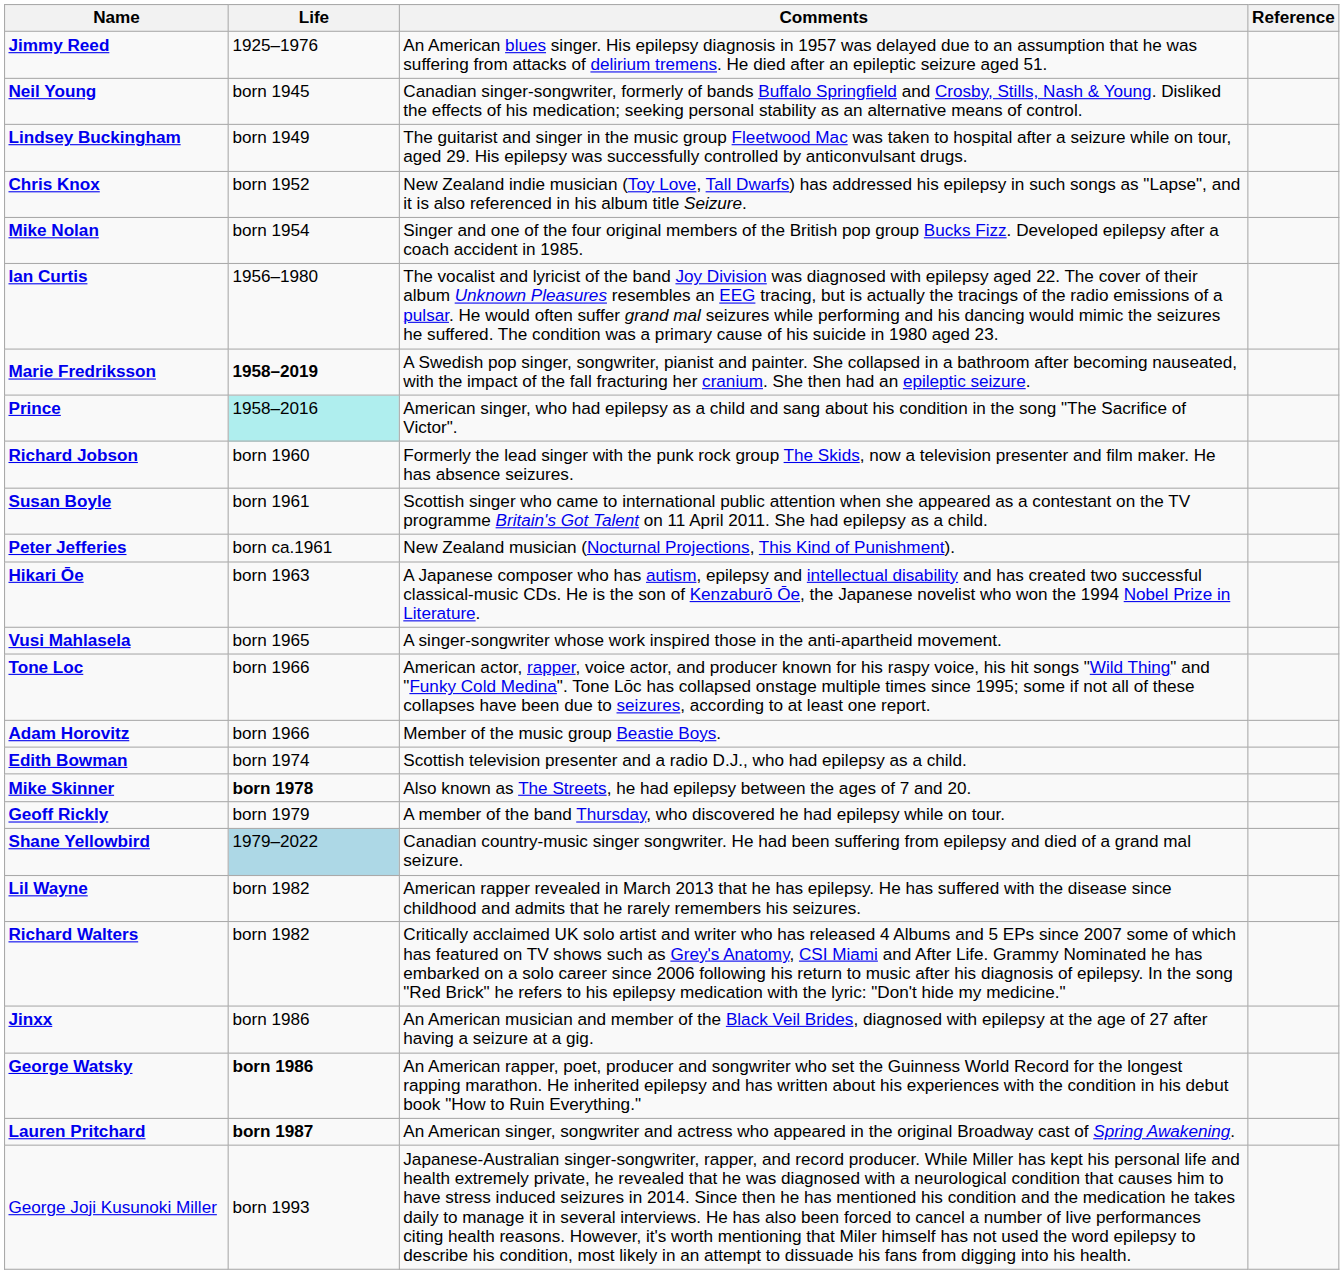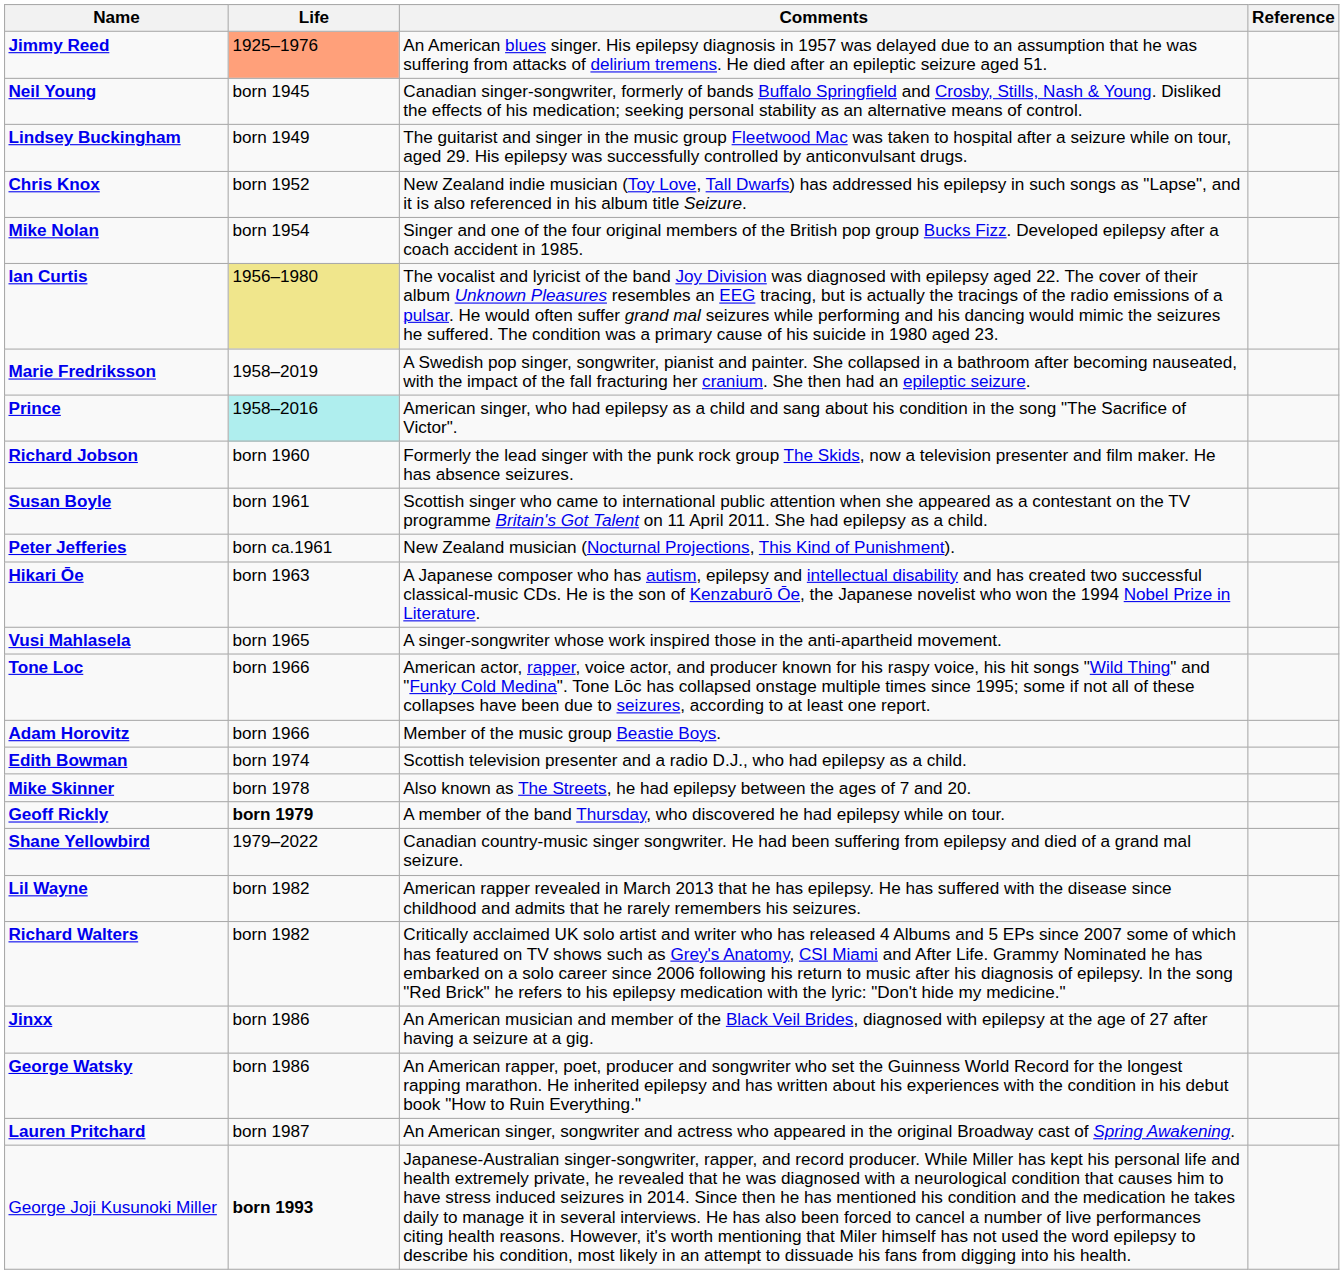 <table class=wikitable>
 <tr>
 <th style="width:17%;">Name</th>
 <th style="width:13%;">Life</th>
 <th style="width:65%;">Comments</th>
 <th style="width:5%;">Reference</th>
 </tr>
 <tr valign="top">
 <td><strong><a href='#'>Jimmy Reed</a></strong></td>
-<td>1925–1976</td>
+<td style="background: lightsalmon;">1925–1976</td>
 <td>An American <a href='#'>blues</a> singer. His epilepsy diagnosis in 1957 was delayed due to an assumption that he was suffering from attacks of <a href='#'>delirium tremens</a>. He died after an epileptic seizure aged 51.</td>
 <td></td>
 </tr>
 <tr valign="top">
 <td><strong><a href='#'>Neil Young</a></strong></td>
 <td>born 1945</td>
 <td>Canadian singer-songwriter, formerly of bands <a href='#'>Buffalo Springfield</a> and <a href='#'>Crosby, Stills, Nash & Young</a>. Disliked the effects of his medication; seeking personal stability as an alternative means of control.</td>
 <td></td>
 </tr>
 <tr valign="top">
 <td><strong><a href='#'>Lindsey Buckingham</a></strong></td>
 <td>born 1949</td>
 <td>The guitarist and singer in the music group <a href='#'>Fleetwood Mac</a> was taken to hospital after a seizure while on tour, aged 29. His epilepsy was successfully controlled by anticonvulsant drugs.</td>
 <td></td>
 </tr>
 <tr valign="top">
 <td><strong><a href='#'>Chris Knox</a></strong></td>
 <td>born 1952</td>
 <td>New Zealand indie musician (<a href='#'>Toy Love</a>, <a href='#'>Tall Dwarfs</a>) has addressed his epilepsy in such songs as "Lapse", and it is also referenced in his album title <em>Seizure</em>.</td>
 <td></td>
 </tr>
 <tr valign="top">
 <td><strong><a href='#'>Mike Nolan</a></strong></td>
 <td>born 1954</td>
 <td>Singer and one of the four original members of the British pop group <a href='#'>Bucks Fizz</a>. Developed epilepsy after a coach accident in 1985.</td>
 <td></td>
 </tr>
 <tr valign="top">
 <td><strong><a href='#'>Ian Curtis</a></strong></td>
-<td>1956–1980</td>
+<td style="background: khaki;">1956–1980</td>
 <td>The vocalist and lyricist of the band <a href='#'>Joy Division</a> was diagnosed with epilepsy aged 22. The cover of their album <em><a href='#'>Unknown Pleasures</a></em> resembles an <a href='#'>EEG</a> tracing, but is actually the tracings of the radio emissions of a <a href='#'>pulsar</a>. He would often suffer <em>grand mal</em> seizures while performing and his dancing would mimic the seizures he suffered. The condition was a primary cause of his suicide in 1980 aged 23.</td>
 <td></td>
 </tr>
 <tr>
 <td><strong><a href='#'>Marie Fredriksson</a></strong></td>
-<td><strong>1958–2019</strong></td>
+<td>1958–2019</td>
 <td>A Swedish pop singer, songwriter, pianist and painter. She collapsed in a bathroom after becoming nauseated, with the impact of the fall fracturing her <a href='#'>cranium</a>. She then had an <a href='#'>epileptic seizure</a>.</td>
 <td></td>
 </tr>
 <tr valign="top">
 <td><strong><a href='#'>Prince</a></strong></td>
 <td style="background: paleturquoise;">1958–2016</td>
 <td>American singer, who had epilepsy as a child and sang about his condition in the song "The Sacrifice of Victor".</td>
 <td></td>
 </tr>
 <tr valign="top">
 <td><strong><a href='#'>Richard Jobson</a></strong></td>
 <td>born 1960</td>
 <td>Formerly the lead singer with the punk rock group <a href='#'>The Skids</a>, now a television presenter and film maker. He has absence seizures.</td>
 <td></td>
 </tr>
 <tr valign="top">
 <td><strong><a href='#'>Susan Boyle</a></strong></td>
 <td>born 1961</td>
 <td>Scottish singer who came to international public attention when she appeared as a contestant on the TV programme <em><a href='#'>Britain's Got Talent</a></em> on 11 April 2011. She had epilepsy as a child.</td>
 <td></td>
 </tr>
 <tr valign="top">
 <td><strong><a href='#'>Peter Jefferies</a></strong></td>
 <td>born ca.1961</td>
 <td>New Zealand musician (<a href='#'>Nocturnal Projections</a>, <a href='#'>This Kind of Punishment</a>).</td>
 <td></td>
 </tr>
 <tr valign="top">
 <td><strong><a href='#'>Hikari Ōe</a></strong></td>
 <td>born 1963</td>
 <td>A Japanese composer who has <a href='#'>autism</a>, epilepsy and <a href='#'>intellectual disability</a> and has created two successful classical-music CDs. He is the son of <a href='#'>Kenzaburō Ōe</a>, the Japanese novelist who won the 1994 <a href='#'>Nobel Prize in Literature</a>.</td>
 <td></td>
 </tr>
 <tr valign="top">
 <td><strong><a href='#'>Vusi Mahlasela</a></strong></td>
 <td>born 1965</td>
 <td>A singer-songwriter whose work inspired those in the anti-apartheid movement.</td>
 <td></td>
 </tr>
 <tr valign="top">
 <td><strong><a href='#'>Tone Loc</a></strong></td>
 <td>born 1966</td>
 <td>American actor, <a href='#'>rapper</a>, voice actor, and producer known for his raspy voice, his hit songs "<a href='#'>Wild Thing</a>" and "<a href='#'>Funky Cold Medina</a>". Tone Lōc has collapsed onstage multiple times since 1995; some if not all of these collapses have been due to <a href='#'>seizures</a>, according to at least one report.</td>
 <td></td>
 </tr>
 <tr valign="top">
 <td><strong><a href='#'>Adam Horovitz</a></strong></td>
 <td>born 1966</td>
 <td>Member of the music group <a href='#'>Beastie Boys</a>.</td>
 <td></td>
 </tr>
 <tr valign="top">
 <td><strong><a href='#'>Edith Bowman</a></strong></td>
 <td>born 1974</td>
 <td>Scottish television presenter and a radio D.J., who had epilepsy as a child.</td>
 </tr>
 <tr valign="top">
 <td><strong><a href='#'>Mike Skinner</a></strong></td>
-<td><strong>born 1978</strong></td>
+<td>born 1978</td>
 <td>Also known as <a href='#'>The Streets</a>, he had epilepsy between the ages of 7 and 20.</td>
 <td></td>
 </tr>
 <tr valign="top">
 <td><strong><a href='#'>Geoff Rickly</a></strong></td>
-<td>born 1979</td>
+<td><strong>born 1979</strong></td>
 <td>A member of the band <a href='#'>Thursday</a>, who discovered he had epilepsy while on tour.</td>
 <td></td>
 </tr>
 <tr valign="top">
 <td><strong><a href='#'>Shane Yellowbird</a></strong></td>
-<td style="background: lightblue;">1979–2022</td>
+<td>1979–2022</td>
 <td>Canadian country-music singer songwriter. He had been suffering from epilepsy and died of a grand mal seizure.</td>
 </tr>
 <tr valign="top">
 <td><strong><a href='#'>Lil Wayne</a></strong></td>
 <td>born 1982</td>
 <td>American rapper revealed in March 2013 that he has epilepsy. He has suffered with the disease since childhood and admits that he rarely remembers his seizures.</td>
 <td></td>
 </tr>
 <tr valign="top">
 <td><strong><a href='#'>Richard Walters</a></strong></td>
 <td>born 1982</td>
 <td>Critically acclaimed UK solo artist and writer who has released 4 Albums and 5 EPs since 2007 some of which has featured on TV shows such as <a href='#'>Grey's Anatomy</a>, <a href='#'>CSI Miami</a> and After Life. Grammy Nominated he has embarked on a solo career since 2006 following his return to music after his diagnosis of epilepsy. In the song "Red Brick" he refers to his epilepsy medication with the lyric: "Don't hide my medicine."</td>
 <td></td>
 </tr>
 <tr valign="top">
 <td><strong><a href='#'>Jinxx</a></strong></td>
 <td>born 1986</td>
 <td>An American musician and member of the <a href='#'>Black Veil Brides</a>, diagnosed with epilepsy at the age of 27 after having a seizure at a gig.</td>
 <td></td>
 </tr>
 <tr valign="top">
 <td><strong><a href='#'>George Watsky</a></strong></td>
-<td><strong>born 1986</strong></td>
+<td>born 1986</td>
 <td>An American rapper, poet, producer and songwriter who set the Guinness World Record for the longest rapping marathon. He inherited epilepsy and has written about his experiences with the condition in his debut book "How to Ruin Everything."</td>
 <td></td>
 </tr>
 <tr valign="top">
 <td><strong><a href='#'>Lauren Pritchard</a></strong></td>
-<td><strong>born 1987</strong></td>
+<td>born 1987</td>
 <td>An American singer, songwriter and actress who appeared in the original Broadway cast of <em><a href='#'>Spring Awakening</a></em>.</td>
 <td></td>
 </tr>
 <tr>
 <td><a href='#'>George Joji Kusunoki Miller</a></td>
-<td>born 1993</td>
+<td><strong>born 1993</strong></td>
 <td>Japanese-Australian singer-songwriter, rapper, and record producer. While Miller has kept his personal life and health extremely private, he revealed that he was diagnosed with a neurological condition that causes him to have stress induced seizures in 2014. Since then he has mentioned his condition and the medication he takes daily to manage it in several interviews. He has also been forced to cancel a number of live performances citing health reasons. However, it's worth mentioning that Miler himself has not used the word epilepsy to describe his condition, most likely in an attempt to dissuade his fans from digging into his health.</td>
 <td></td>
 </tr>
 </table>
